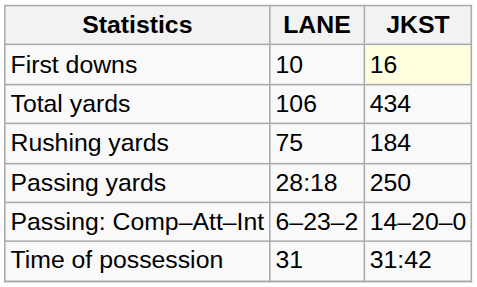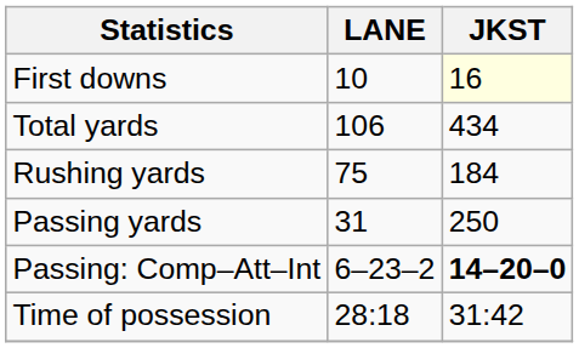 <table class="wikitable" style="float: left;">
 <tr>
 <th>Statistics</th>
 <th>LANE</th>
 <th>JKST</th>
 </tr>
 <tr>
 <td>First downs</td>
 <td>10</td>
 <td style="background: lightyellow;">16</td>
 </tr>
 <tr>
 <td>Total yards</td>
 <td>106</td>
 <td>434</td>
 </tr>
 <tr>
 <td>Rushing yards</td>
 <td>75</td>
 <td>184</td>
 </tr>
 <tr>
 <td>Passing yards</td>
-<td>28:18</td>
+<td>31</td>
 <td>250</td>
 </tr>
 <tr>
 <td>Passing: Comp–Att–Int</td>
 <td>6–23–2</td>
-<td>14–20–0</td>
+<td><strong>14–20–0</strong></td>
 </tr>
 <tr>
 <td>Time of possession</td>
-<td>31</td>
+<td>28:18</td>
 <td>31:42</td>
 </tr>
 <tr>
 </tr>
 </table>
